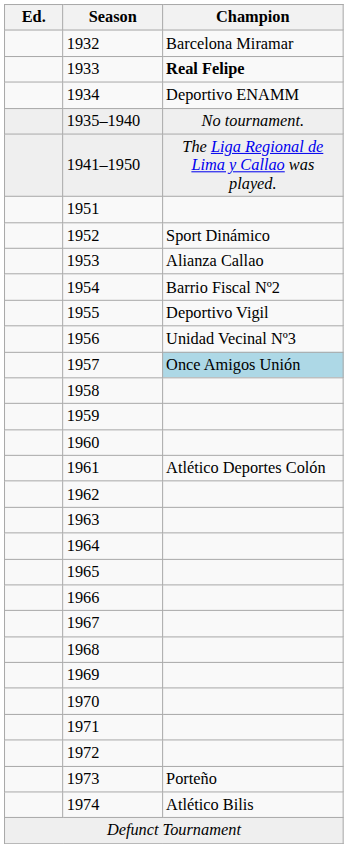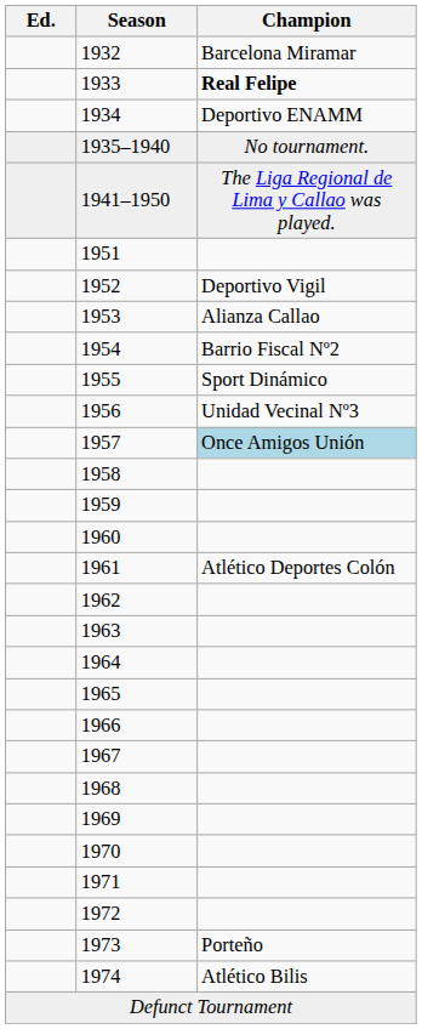 <table class="wikitable sortable">
 <tr>
 <th width=px>Ed.</th>
 <th width=90px>Season</th>
 <th width=170px>Champion</th>
 </tr>
 <tr>
 <td rowspan=1 width=50></td>
 <td>1932</td>
 <td>Barcelona Miramar</td>
 </tr>
 <tr>
 <td rowspan=1 width=50></td>
 <td>1933</td>
 <td><strong>Real Felipe</strong></td>
 </tr>
 <tr>
 <td rowspan=1 width=50></td>
 <td>1934</td>
 <td>Deportivo ENAMM</td>
 </tr>
 <tr bgcolor=#efefef>
 <td></td>
 <td>1935–1940</td>
 <td colspan="2" align=center><em>No tournament.</em></td>
 </tr>
 <tr bgcolor=#efefef>
 <td></td>
 <td>1941–1950</td>
 <td colspan=2 align=center><em>The <a href='#'>Liga Regional de Lima y Callao</a> was played.</em></td>
 </tr>
 <tr>
 <td rowspan=1 width=50></td>
 <td>1951</td>
 <td></td>
 </tr>
 <tr>
 <td rowspan=1 width=50></td>
 <td>1952</td>
-<td>Sport Dinámico</td>
+<td>Deportivo Vigil</td>
 </tr>
 <tr>
 <td rowspan=1 width=50></td>
 <td>1953</td>
 <td>Alianza Callao</td>
 </tr>
 <tr>
 <td rowspan=1 width=50></td>
 <td>1954</td>
 <td>Barrio Fiscal Nº2</td>
 </tr>
 <tr>
 <td rowspan=1 width=50></td>
 <td>1955</td>
-<td>Deportivo Vigil</td>
+<td>Sport Dinámico</td>
 </tr>
 <tr>
 <td rowspan=1 width=50></td>
 <td>1956</td>
 <td>Unidad Vecinal Nº3</td>
 </tr>
 <tr>
 <td rowspan=1 width=50></td>
 <td>1957</td>
 <td style="background: lightblue;">Once Amigos Unión</td>
 </tr>
 <tr>
 <td rowspan=1 width=50></td>
 <td>1958</td>
 <td></td>
 </tr>
 <tr>
 <td rowspan=1 width=50></td>
 <td>1959</td>
 <td></td>
 </tr>
 <tr>
 <td rowspan=1 width=50></td>
 <td>1960</td>
 <td></td>
 </tr>
 <tr>
 <td rowspan=1 width=50></td>
 <td>1961</td>
 <td>Atlético Deportes Colón</td>
 </tr>
 <tr>
 <td rowspan=1 width=50></td>
 <td>1962</td>
 <td></td>
 </tr>
 <tr>
 <td rowspan=1 width=50></td>
 <td>1963</td>
 <td></td>
 </tr>
 <tr>
 <td rowspan=1 width=50></td>
 <td>1964</td>
 <td></td>
 </tr>
 <tr>
 <td rowspan=1 width=50></td>
 <td>1965</td>
 <td></td>
 </tr>
 <tr>
 <td rowspan=1 width=50></td>
 <td>1966</td>
 <td></td>
 </tr>
 <tr>
 <td rowspan=1 width=50></td>
 <td>1967</td>
 <td></td>
 </tr>
 <tr>
 <td rowspan=1 width=50></td>
 <td>1968</td>
 <td></td>
 </tr>
 <tr>
 <td rowspan=1 width=50></td>
 <td>1969</td>
 <td></td>
 </tr>
 <tr>
 <td rowspan=1 width=50></td>
 <td>1970</td>
 <td></td>
 </tr>
 <tr>
 <td rowspan=1 width=50></td>
 <td>1971</td>
 <td></td>
 </tr>
 <tr>
 <td rowspan=1 width=50></td>
 <td>1972</td>
 <td></td>
 </tr>
 <tr>
 <td rowspan=1 width=50></td>
 <td>1973</td>
 <td>Porteño</td>
 </tr>
 <tr>
 <td rowspan=1 width=50></td>
 <td>1974</td>
 <td>Atlético Bilis</td>
 </tr>
 <tr bgcolor=#efefef>
 <td colspan="4" style="text-align:center;"><em>Defunct Tournament</em></td>
 </tr>
 <tr>
 </tr>
 </table>
